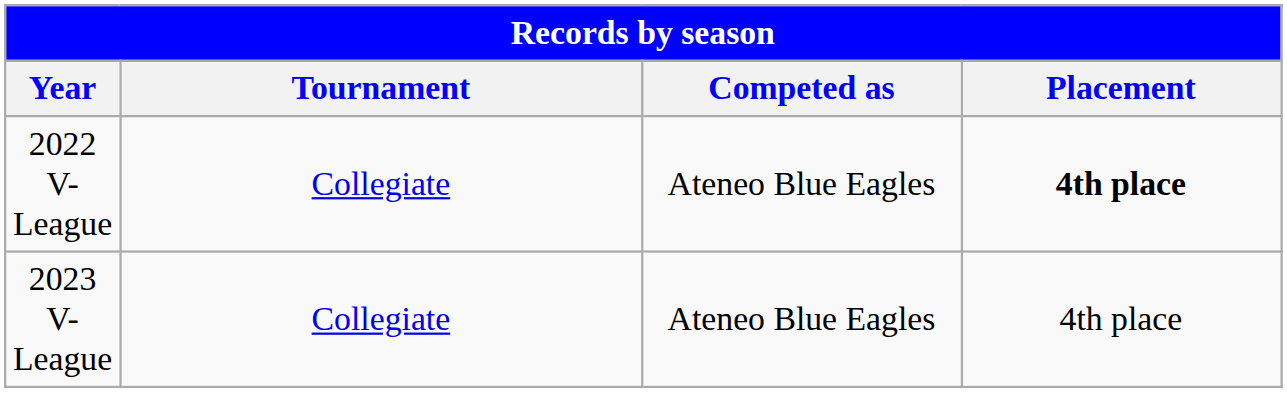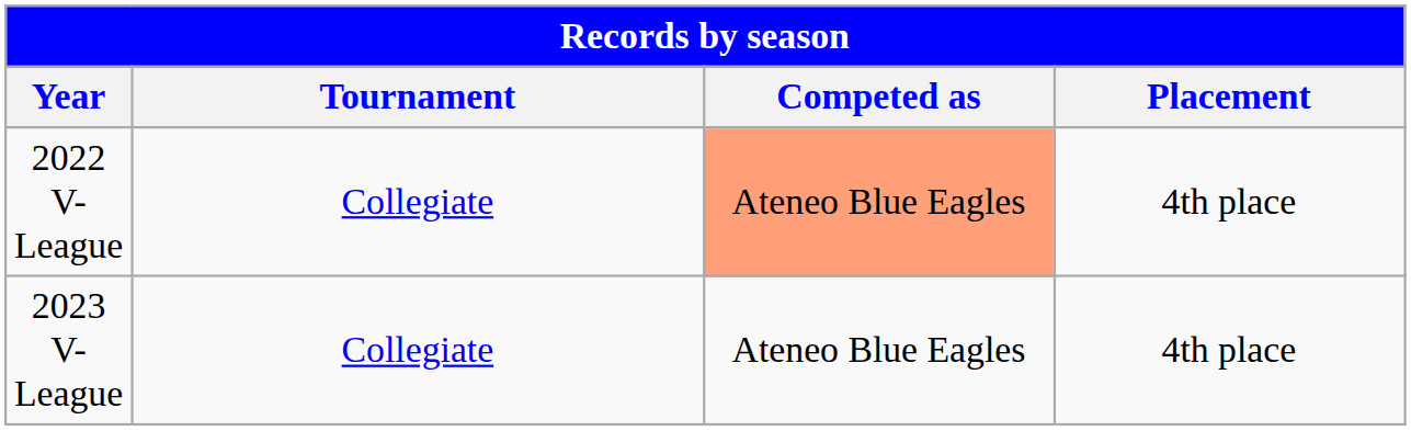 <table class="wikitable sortable" style="font-size:95%; text-align:left;">
 <tr>
 <th colspan="5" style= "background: blue; color: white; text-align: center"><strong>Records by season</strong></th>
 </tr>
 <tr style="background: white; color: blue">
 <th style= "align=center; width:1em;">Year</th>
 <th style= "align=center;width:15em;">Tournament</th>
 <th style= "align=center; width:9em;">Competed as</th>
 <th style= "align=center; width:9em;">Placement</th>
 </tr>
 <tr align=center>
 <td>2022 V-League</td>
 <td><a href='#'>Collegiate</a></td>
-<td>Ateneo Blue Eagles</td>
-<td><strong>4th place</strong></td>
+<td style="background: lightsalmon;">Ateneo Blue Eagles</td>
+<td>4th place</td>
 </tr>
 <tr align=center>
 <td>2023 V-League</td>
 <td><a href='#'>Collegiate</a></td>
 <td>Ateneo Blue Eagles</td>
 <td>4th place</td>
 </tr>
 </table>
